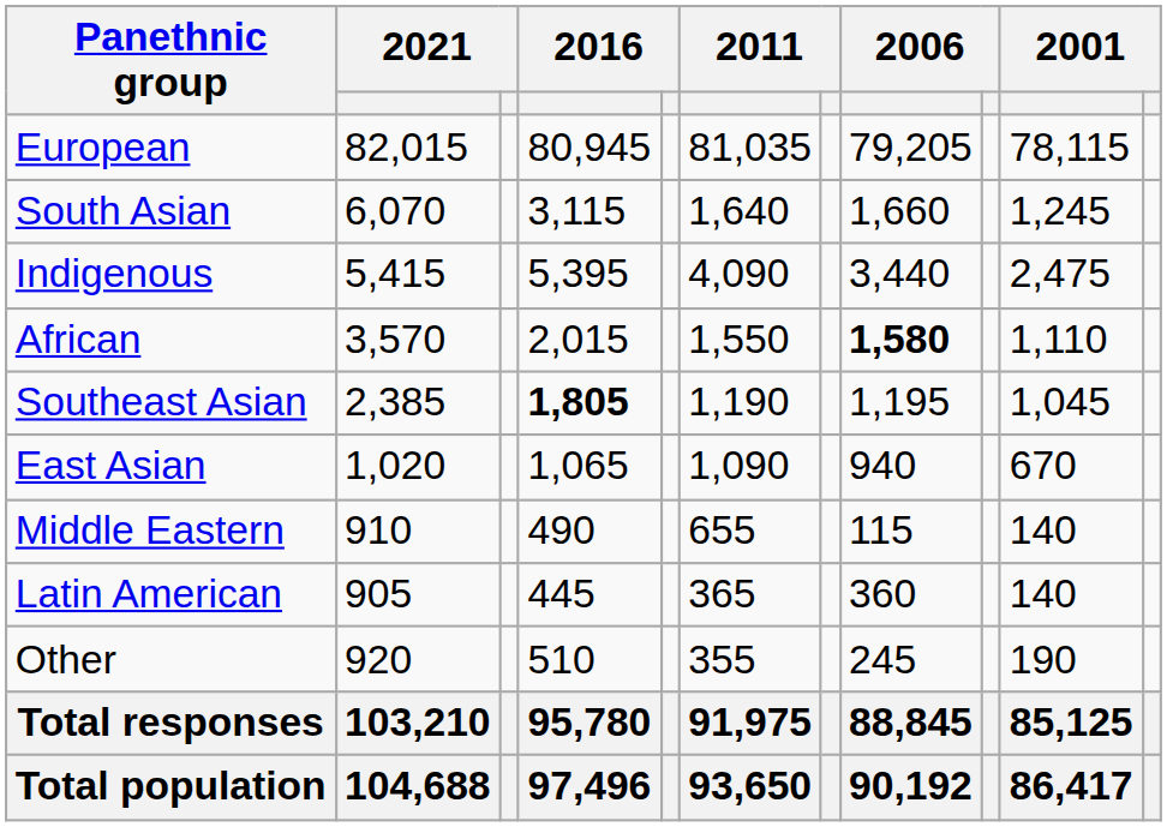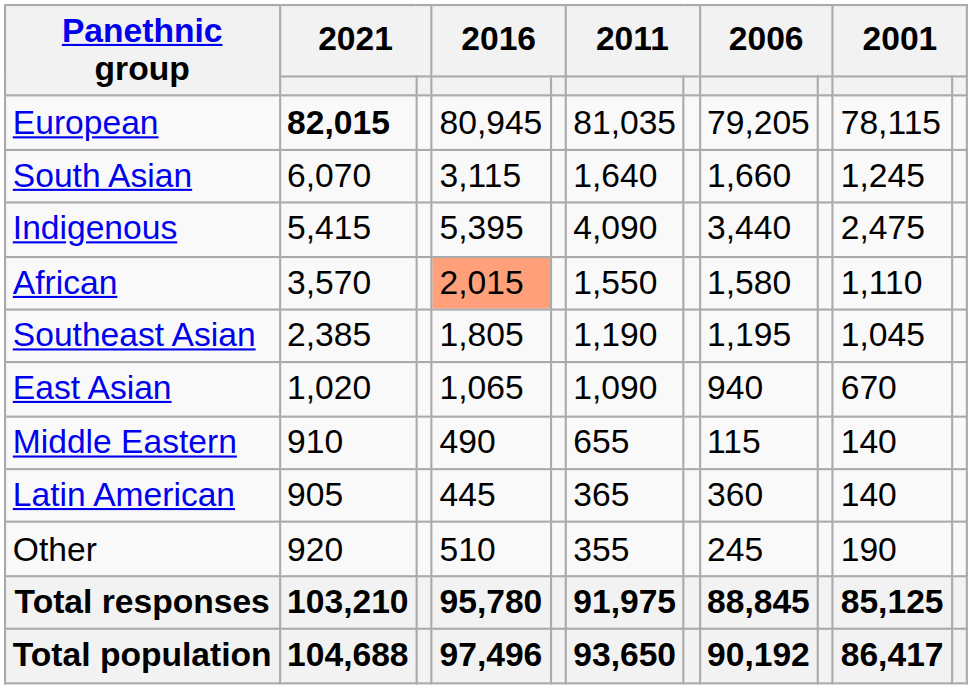 <table class="wikitable collapsible sortable">
 <tr>
 <th rowspan="2"><a href='#'>Panethnic</a><br>group</th>
 <th colspan="2">2021</th>
 <th colspan="2">2016</th>
 <th colspan="2">2011</th>
 <th colspan="2">2006</th>
 <th colspan="2">2001</th>
 </tr>
 <tr>
 <th><a href='#'></a></th>
 <th></th>
 <th></th>
 <th></th>
 <th></th>
 <th></th>
 <th></th>
 <th></th>
 <th></th>
 <th></th>
 </tr>
 <tr>
 <td><a href='#'>European</a></td>
-<td>82,015</td>
+<td><strong>82,015</strong></td>
 <td></td>
 <td>80,945</td>
 <td></td>
 <td>81,035</td>
 <td></td>
 <td>79,205</td>
 <td></td>
 <td>78,115</td>
 <td></td>
 </tr>
 <tr>
 <td><a href='#'>South Asian</a></td>
 <td>6,070</td>
 <td></td>
 <td>3,115</td>
 <td></td>
 <td>1,640</td>
 <td></td>
 <td>1,660</td>
 <td></td>
 <td>1,245</td>
 <td></td>
 </tr>
 <tr>
 <td><a href='#'>Indigenous</a></td>
 <td>5,415</td>
 <td></td>
 <td>5,395</td>
 <td></td>
 <td>4,090</td>
 <td></td>
 <td>3,440</td>
 <td></td>
 <td>2,475</td>
 <td></td>
 </tr>
 <tr>
 <td><a href='#'>African</a></td>
 <td>3,570</td>
 <td></td>
-<td>2,015</td>
+<td style="background: lightsalmon;">2,015</td>
 <td></td>
 <td>1,550</td>
 <td></td>
-<td><strong>1,580</strong></td>
+<td>1,580</td>
 <td></td>
 <td>1,110</td>
 <td></td>
 </tr>
 <tr>
 <td><a href='#'>Southeast Asian</a></td>
 <td>2,385</td>
 <td></td>
-<td><strong>1,805</strong></td>
+<td>1,805</td>
 <td></td>
 <td>1,190</td>
 <td></td>
 <td>1,195</td>
 <td></td>
 <td>1,045</td>
 <td></td>
 </tr>
 <tr>
 <td><a href='#'>East Asian</a></td>
 <td>1,020</td>
 <td></td>
 <td>1,065</td>
 <td></td>
 <td>1,090</td>
 <td></td>
 <td>940</td>
 <td></td>
 <td>670</td>
 <td></td>
 </tr>
 <tr>
 <td><a href='#'>Middle Eastern</a></td>
 <td>910</td>
 <td></td>
 <td>490</td>
 <td></td>
 <td>655</td>
 <td></td>
 <td>115</td>
 <td></td>
 <td>140</td>
 <td></td>
 </tr>
 <tr>
 <td><a href='#'>Latin American</a></td>
 <td>905</td>
 <td></td>
 <td>445</td>
 <td></td>
 <td>365</td>
 <td></td>
 <td>360</td>
 <td></td>
 <td>140</td>
 <td></td>
 </tr>
 <tr>
 <td>Other</td>
 <td>920</td>
 <td></td>
 <td>510</td>
 <td></td>
 <td>355</td>
 <td></td>
 <td>245</td>
 <td></td>
 <td>190</td>
 <td></td>
 </tr>
 <tr>
 <th>Total responses</th>
 <th>103,210</th>
 <th></th>
 <th>95,780</th>
 <th></th>
 <th>91,975</th>
 <th></th>
 <th>88,845</th>
 <th></th>
 <th>85,125</th>
 <th></th>
 </tr>
 <tr>
 <th>Total population</th>
 <th>104,688</th>
 <th></th>
 <th>97,496</th>
 <th></th>
 <th>93,650</th>
 <th></th>
 <th>90,192</th>
 <th></th>
 <th>86,417</th>
 <th></th>
 </tr>
 </table>
